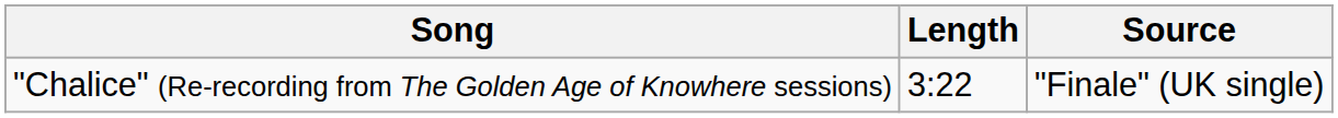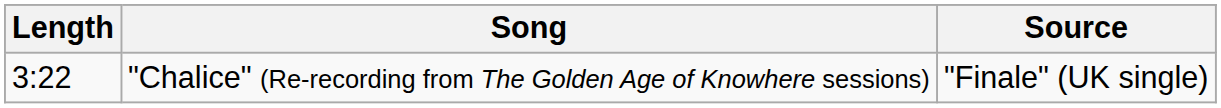 <table class="wikitable">
 <tr>
+<th>Length</th>
 <th>Song</th>
-<th>Length</th>
 <th>Source</th>
 </tr>
 <tr>
+<td>3:22</td>
 <td>"Chalice" <small>(Re-recording from <em>The Golden Age of Knowhere</em> sessions)</small></td>
-<td>3:22</td>
 <td>"Finale" (UK single)</td>
 </tr>
 </table>
